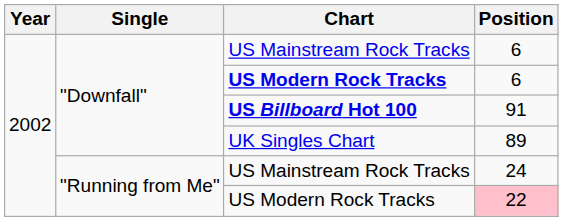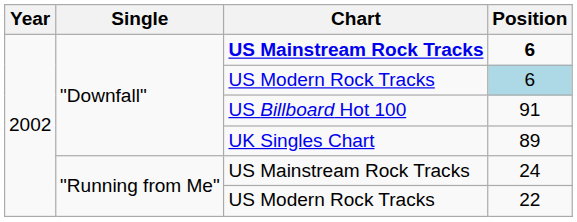 <table class="wikitable">
 <tr>
 <th>Year</th>
 <th>Single</th>
 <th>Chart</th>
 <th>Position</th>
 </tr>
 <tr>
 <td rowspan="6">2002</td>
 <td rowspan="4">"Downfall"</td>
-<td><a href='#'>US Mainstream Rock Tracks</a></td>
-<td align="center">6</td>
+<td><strong><a href='#'>US Mainstream Rock Tracks</a></strong></td>
+<td align="center"><strong>6</strong></td>
 </tr>
 <tr>
-<td><strong><a href='#'>US Modern Rock Tracks</a></strong></td>
-<td align="center">6</td>
+<td><a href='#'>US Modern Rock Tracks</a></td>
+<td align="center" style="background: lightblue;">6</td>
 </tr>
 <tr>
-<td><strong><a href='#'>US <em>Billboard</em> Hot 100</a></strong></td>
+<td><a href='#'>US <em>Billboard</em> Hot 100</a></td>
 <td align="center">91</td>
 </tr>
 <tr>
 <td><a href='#'>UK Singles Chart</a></td>
 <td align="center">89</td>
 </tr>
 <tr>
 <td rowspan="2">"Running from Me"</td>
 <td>US Mainstream Rock Tracks</td>
 <td align="center">24</td>
 </tr>
 <tr>
 <td>US Modern Rock Tracks</td>
-<td align="center" style="background: pink;">22</td>
+<td align="center">22</td>
 </tr>
 </table>
